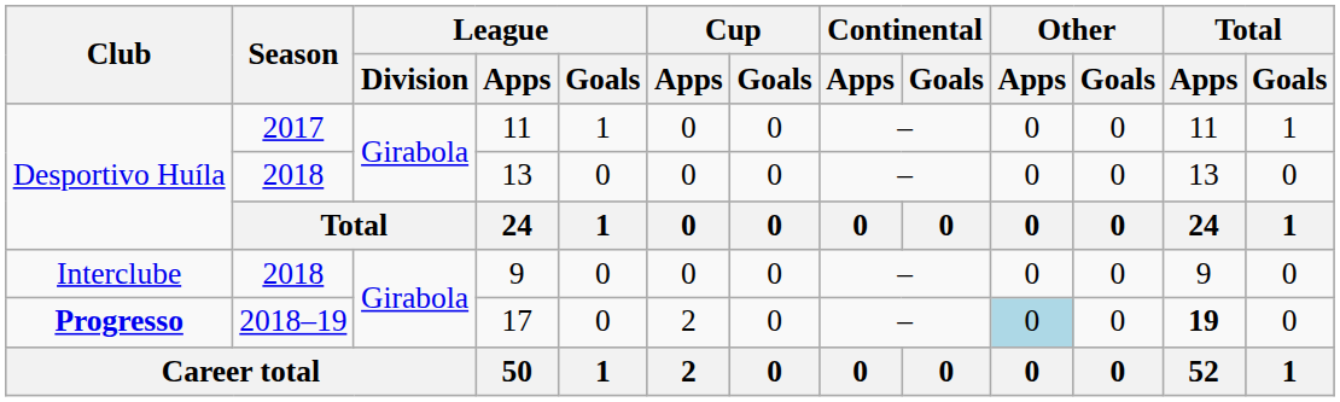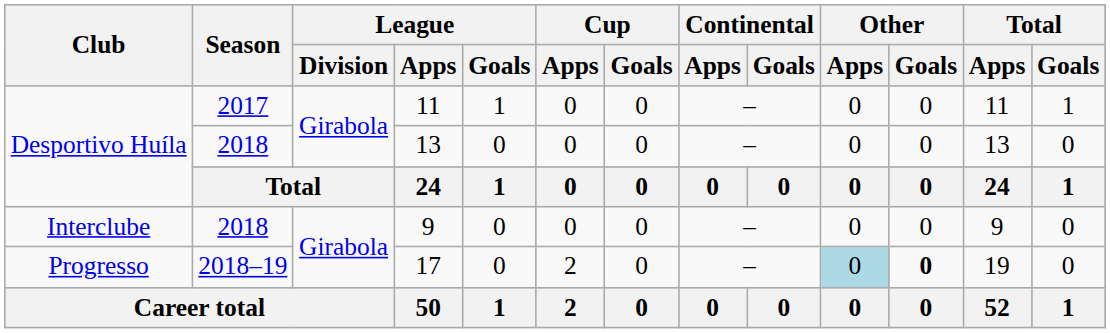 <table class="wikitable" style="text-align: center">
 <tr>
 <th rowspan="2">Club</th>
 <th rowspan="2">Season</th>
 <th colspan="3">League</th>
 <th colspan="2">Cup</th>
 <th colspan="2">Continental</th>
 <th colspan="2">Other</th>
 <th colspan="2">Total</th>
 </tr>
 <tr>
 <th>Division</th>
 <th>Apps</th>
 <th>Goals</th>
 <th>Apps</th>
 <th>Goals</th>
 <th>Apps</th>
 <th>Goals</th>
 <th>Apps</th>
 <th>Goals</th>
 <th>Apps</th>
 <th>Goals</th>
 </tr>
 <tr>
 <td rowspan="3"><a href='#'>Desportivo Huíla</a></td>
 <td><a href='#'>2017</a></td>
 <td rowspan="2"><a href='#'>Girabola</a></td>
 <td>11</td>
 <td>1</td>
 <td>0</td>
 <td>0</td>
 <td colspan="2">–</td>
 <td>0</td>
 <td>0</td>
 <td>11</td>
 <td>1</td>
 </tr>
 <tr>
 <td><a href='#'>2018</a></td>
 <td>13</td>
 <td>0</td>
 <td>0</td>
 <td>0</td>
 <td colspan="2">–</td>
 <td>0</td>
 <td>0</td>
 <td>13</td>
 <td>0</td>
 </tr>
 <tr>
 <th colspan="2"><strong>Total</strong></th>
 <th>24</th>
 <th>1</th>
 <th>0</th>
 <th>0</th>
 <th>0</th>
 <th>0</th>
 <th>0</th>
 <th>0</th>
 <th>24</th>
 <th>1</th>
 </tr>
 <tr>
 <td><a href='#'>Interclube</a></td>
 <td><a href='#'>2018</a></td>
 <td rowspan="2"><a href='#'>Girabola</a></td>
 <td>9</td>
 <td>0</td>
 <td>0</td>
 <td>0</td>
 <td colspan="2">–</td>
 <td>0</td>
 <td>0</td>
 <td>9</td>
 <td>0</td>
 </tr>
 <tr>
-<td><strong><a href='#'>Progresso</a></strong></td>
+<td><a href='#'>Progresso</a></td>
 <td><a href='#'>2018–19</a></td>
 <td>17</td>
 <td>0</td>
 <td>2</td>
 <td>0</td>
 <td colspan="2">–</td>
 <td style="background: lightblue;">0</td>
-<td>0</td>
-<td><strong>19</strong></td>
+<td><strong>0</strong></td>
+<td>19</td>
 <td>0</td>
 </tr>
 <tr>
 <th colspan="3"><strong>Career total</strong></th>
 <th>50</th>
 <th>1</th>
 <th>2</th>
 <th>0</th>
 <th>0</th>
 <th>0</th>
 <th>0</th>
 <th>0</th>
 <th>52</th>
 <th>1</th>
 </tr>
 </table>
